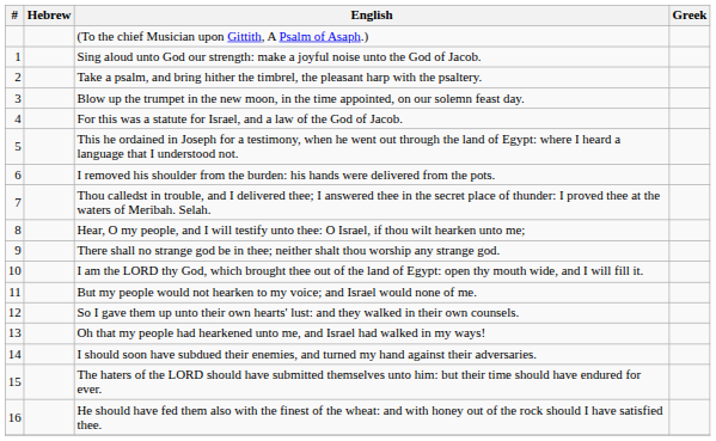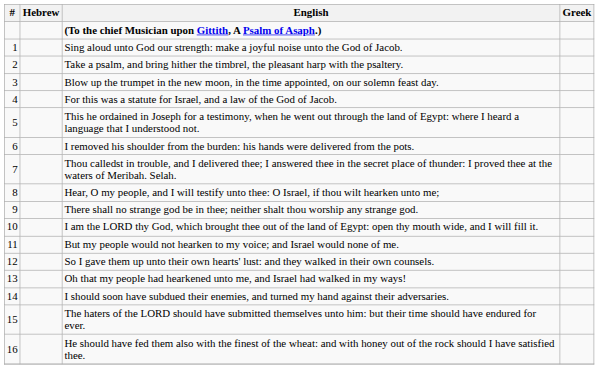 <table class=wikitable>
 <tr>
 <th>#</th>
 <th>Hebrew</th>
 <th>English</th>
 <th>Greek</th>
 </tr>
 <tr>
 <td style="text-align:right"></td>
 <td style="text-align:right"></td>
-<td>(To the chief Musician upon <a href='#'>Gittith</a>, A <a href='#'>Psalm of Asaph</a>.)</td>
+<td><strong>(To the chief Musician upon <a href='#'>Gittith</a>, A <a href='#'>Psalm of Asaph</a>.)</strong></td>
 <td></td>
 </tr>
 <tr>
 <td style="text-align:right">1</td>
 <td style="text-align:right"></td>
 <td>Sing aloud unto God our strength: make a joyful noise unto the God of Jacob.</td>
 <td></td>
 </tr>
 <tr>
 <td style="text-align:right">2</td>
 <td style="text-align:right"></td>
 <td>Take a psalm, and bring hither the timbrel, the pleasant harp with the psaltery.</td>
 <td></td>
 </tr>
 <tr>
 <td style="text-align:right">3</td>
 <td style="text-align:right"></td>
 <td>Blow up the trumpet in the new moon, in the time appointed, on our solemn feast day.</td>
 <td></td>
 </tr>
 <tr>
 <td style="text-align:right">4</td>
 <td style="text-align:right"></td>
 <td>For this was a statute for Israel, and a law of the God of Jacob.</td>
 <td></td>
 </tr>
 <tr>
 <td style="text-align:right">5</td>
 <td style="text-align:right"></td>
 <td>This he ordained in Joseph for a testimony, when he went out through the land of Egypt: where I heard a language that I understood not.</td>
 <td></td>
 </tr>
 <tr>
 <td style="text-align:right">6</td>
 <td style="text-align:right"></td>
 <td>I removed his shoulder from the burden: his hands were delivered from the pots.</td>
 <td></td>
 </tr>
 <tr>
 <td style="text-align:right">7</td>
 <td style="text-align:right"></td>
 <td>Thou calledst in trouble, and I delivered thee; I answered thee in the secret place of thunder: I proved thee at the waters of Meribah. Selah.</td>
 <td></td>
 </tr>
 <tr>
 <td style="text-align:right">8</td>
 <td style="text-align:right"></td>
 <td>Hear, O my people, and I will testify unto thee: O Israel, if thou wilt hearken unto me;</td>
 <td></td>
 </tr>
 <tr>
 <td style="text-align:right">9</td>
 <td style="text-align:right"></td>
 <td>There shall no strange god be in thee; neither shalt thou worship any strange god.</td>
 <td></td>
 </tr>
 <tr>
 <td style="text-align:right">10</td>
 <td style="text-align:right"></td>
 <td>I am the LORD thy God, which brought thee out of the land of Egypt: open thy mouth wide, and I will fill it.</td>
 <td></td>
 </tr>
 <tr>
 <td style="text-align:right">11</td>
 <td style="text-align:right"></td>
 <td>But my people would not hearken to my voice; and Israel would none of me.</td>
 <td></td>
 </tr>
 <tr>
 <td style="text-align:right">12</td>
 <td style="text-align:right"></td>
 <td>So I gave them up unto their own hearts' lust: and they walked in their own counsels.</td>
 <td></td>
 </tr>
 <tr>
 <td style="text-align:right">13</td>
 <td style="text-align:right"></td>
 <td>Oh that my people had hearkened unto me, and Israel had walked in my ways!</td>
 <td></td>
 </tr>
 <tr>
 <td style="text-align:right">14</td>
 <td style="text-align:right"></td>
 <td>I should soon have subdued their enemies, and turned my hand against their adversaries.</td>
 <td></td>
 </tr>
 <tr>
 <td style="text-align:right">15</td>
 <td style="text-align:right"></td>
 <td>The haters of the LORD should have submitted themselves unto him: but their time should have endured for ever.</td>
 <td></td>
 </tr>
 <tr>
 <td style="text-align:right">16</td>
 <td style="text-align:right"></td>
 <td>He should have fed them also with the finest of the wheat: and with honey out of the rock should I have satisfied thee.</td>
 <td></td>
 </tr>
 <tr>
 </tr>
 </table>
